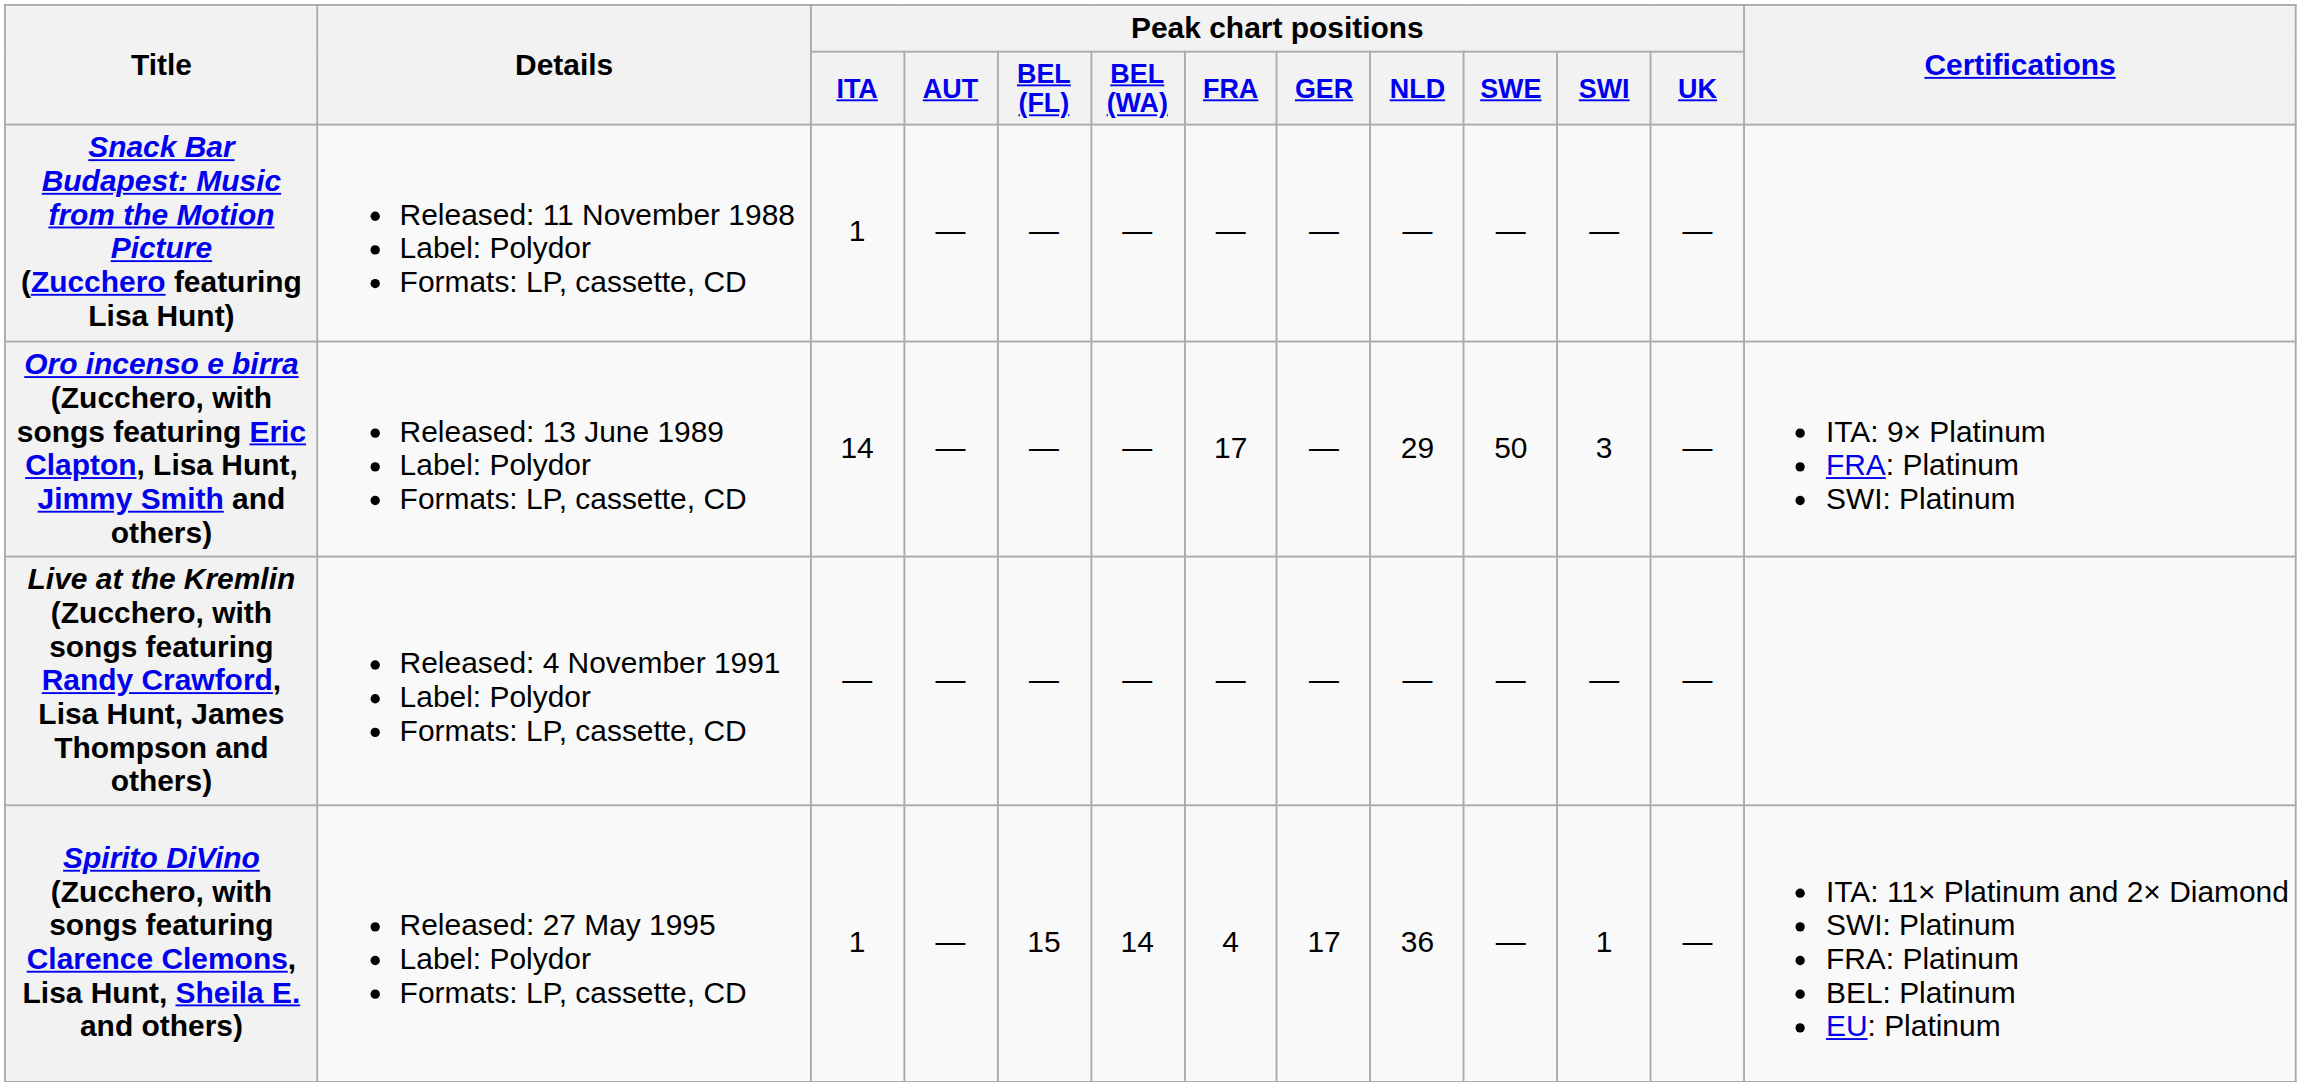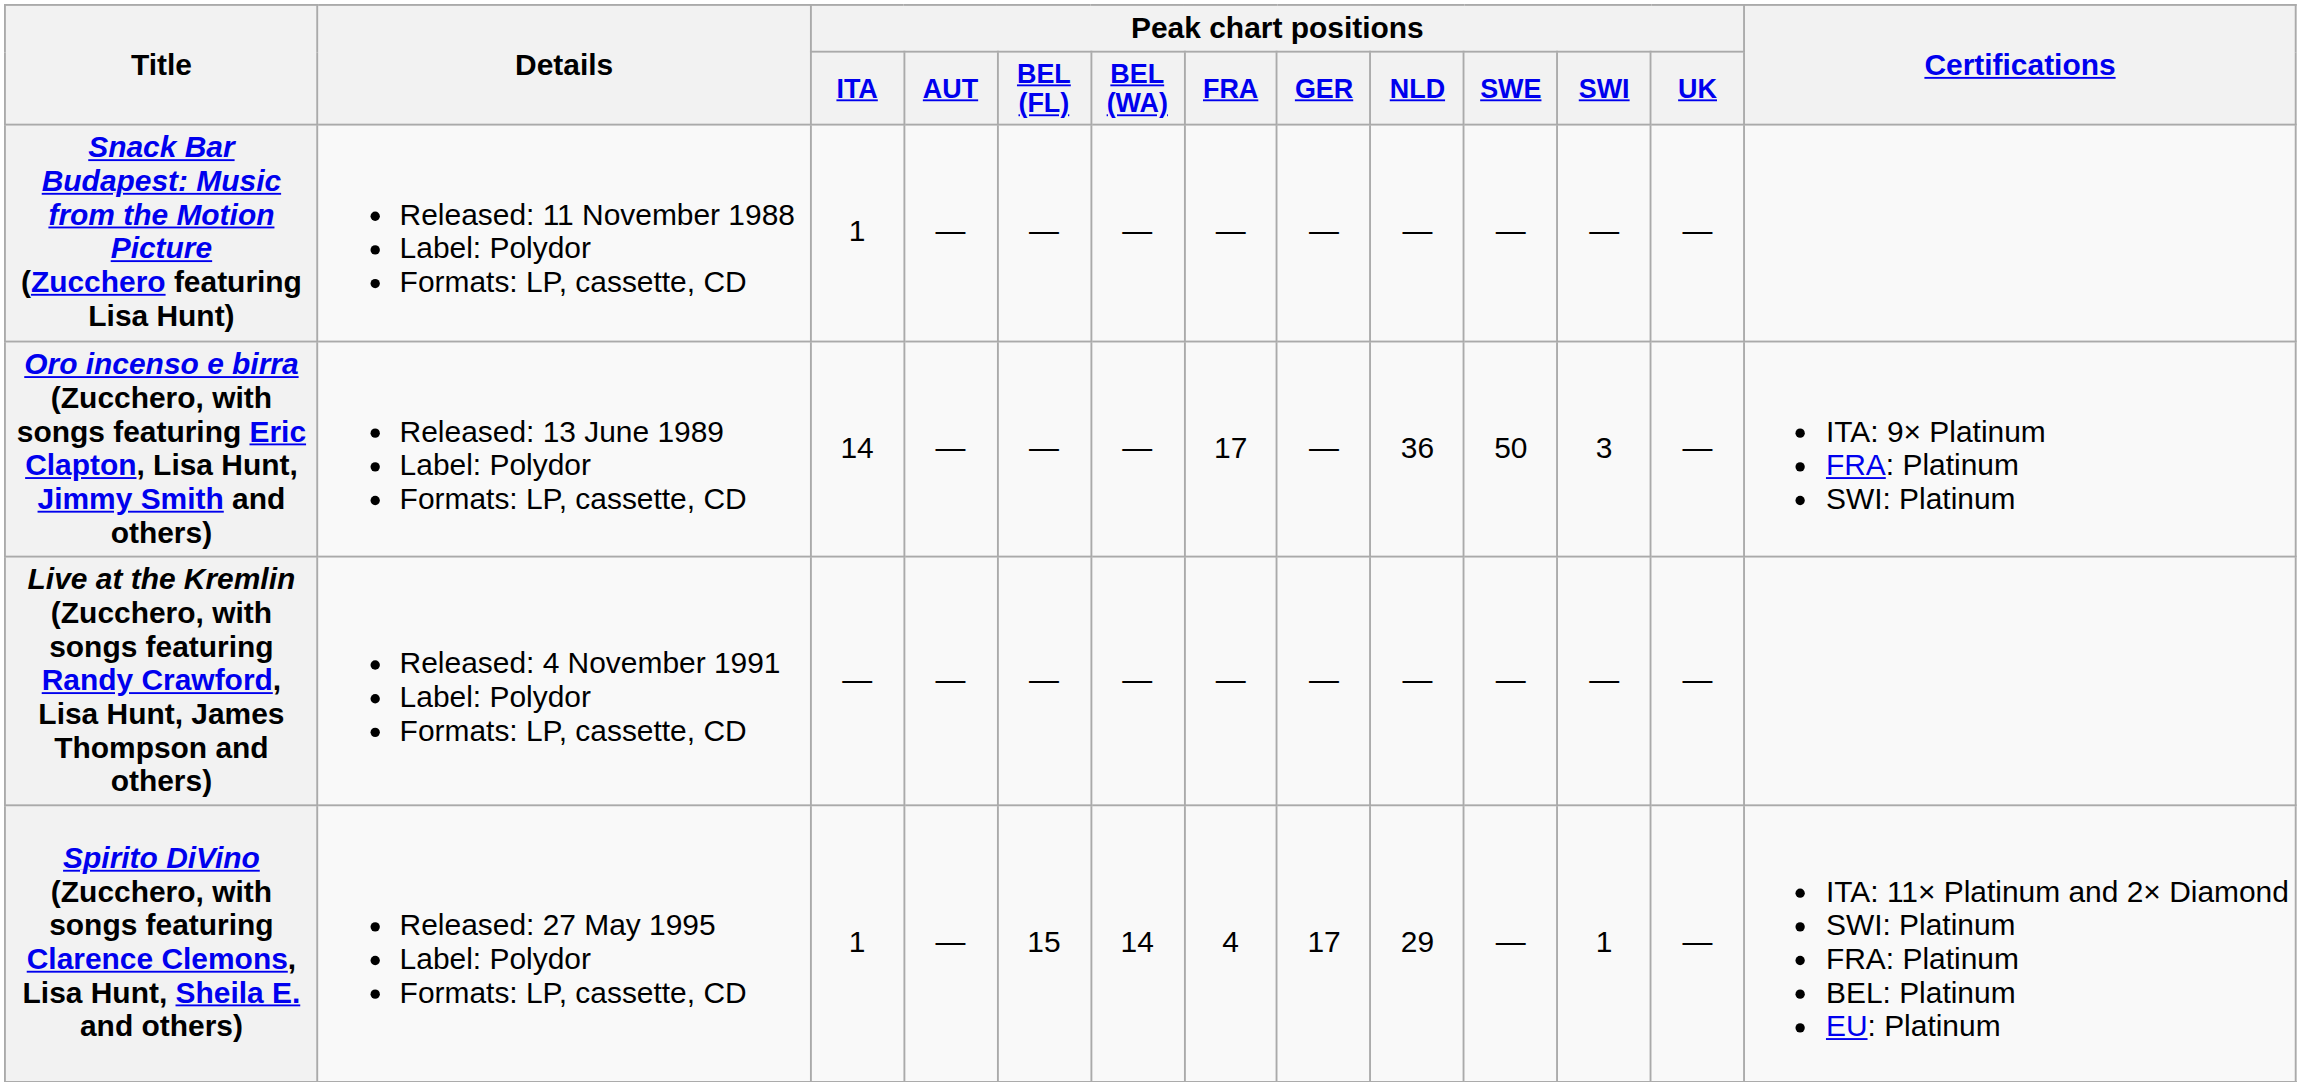 <table class="wikitable plainrowheaders" style="text-align:center;">
 <tr>
 <th scope="col" rowspan="2" style="width:10em;">Title</th>
 <th scope="col" rowspan="2" style="width:16em;">Details</th>
 <th scope="col" colspan="10">Peak chart positions</th>
 <th scope="col" rowspan="2"><a href='#'>Certifications</a></th>
 </tr>
 <tr>
 <th scope="col" style="width:3em;font-size:90%;"><a href='#'>ITA</a><br></th>
 <th scope="col" style="width:3em;font-size:90%;"><a href='#'>AUT</a><br></th>
 <th scope="col" style="width:3em;font-size:90%;"><a href='#'>BEL (FL)</a><br></th>
 <th scope="col" style="width:3em;font-size:90%;"><a href='#'>BEL (WA)</a><br></th>
 <th scope="col" style="width:3em;font-size:90%;"><a href='#'>FRA</a><br></th>
 <th scope="col" style="width:3em;font-size:90%;"><a href='#'>GER</a><br></th>
 <th scope="col" style="width:3em;font-size:90%;"><a href='#'>NLD</a><br></th>
 <th scope="col" style="width:3em;font-size:90%;"><a href='#'>SWE</a><br></th>
 <th scope="col" style="width:3em;font-size:90%;"><a href='#'>SWI</a><br></th>
 <th scope="col" style="width:3em;font-size:90%;"><a href='#'>UK</a><br></th>
 </tr>
 <tr>
 <th scope="row"><em><a href='#'>Snack Bar Budapest: Music from the Motion Picture</a></em><br><span>(<a href='#'>Zucchero</a> featuring Lisa Hunt)</span></th>
 <td style="text-align:left;"><br><ul><li>Released: 11 November 1988</li><li>Label: Polydor</li><li>Formats: LP, cassette, CD</li></ul></td>
 <td>1</td>
 <td>—</td>
 <td>—</td>
 <td>—</td>
 <td>—</td>
 <td>—</td>
 <td>—</td>
 <td>—</td>
 <td>—</td>
 <td>—</td>
 <td align="left"></td>
 </tr>
 <tr>
 <th scope="row"><em><a href='#'>Oro incenso e birra</a></em><br><span>(Zucchero, with songs featuring <a href='#'>Eric Clapton</a>, Lisa Hunt, <a href='#'>Jimmy Smith</a> and others)</span></th>
 <td style="text-align:left;"><br><ul><li>Released: 13 June 1989</li><li>Label: Polydor</li><li>Formats: LP, cassette, CD</li></ul></td>
 <td>14</td>
 <td>—</td>
 <td>—</td>
 <td>—</td>
 <td>17</td>
 <td>—</td>
-<td>29</td>
+<td>36</td>
 <td>50</td>
 <td>3</td>
 <td>—</td>
 <td align="left"><br><ul><li>ITA: 9× Platinum</li><li><a href='#'>FRA</a>: Platinum</li><li>SWI: Platinum</li></ul></td>
 </tr>
 <tr>
 <th scope="row"><em>Live at the Kremlin</em><br><span>(Zucchero, with songs featuring <a href='#'>Randy Crawford</a>, Lisa Hunt, James Thompson and others)</span></th>
 <td style="text-align:left;"><br><ul><li>Released: 4 November 1991</li><li>Label: Polydor</li><li>Formats: LP, cassette, CD</li></ul></td>
 <td>—</td>
 <td>—</td>
 <td>—</td>
 <td>—</td>
 <td>—</td>
 <td>—</td>
 <td>—</td>
 <td>—</td>
 <td>—</td>
 <td>—</td>
 <td align="left"></td>
 </tr>
 <tr>
 <th scope="row"><em><a href='#'>Spirito DiVino</a></em><br><span>(Zucchero, with songs featuring <a href='#'>Clarence Clemons</a>, Lisa Hunt, <a href='#'>Sheila E.</a> and others)</span></th>
 <td style="text-align:left;"><br><ul><li>Released: 27 May 1995</li><li>Label: Polydor</li><li>Formats: LP, cassette, CD</li></ul></td>
 <td>1</td>
 <td>—</td>
 <td>15</td>
 <td>14</td>
 <td>4</td>
 <td>17</td>
-<td>36</td>
+<td>29</td>
 <td>—</td>
 <td>1</td>
 <td>—</td>
 <td align="left"><br><ul><li>ITA: 11× Platinum and 2× Diamond</li><li>SWI: Platinum</li><li>FRA: Platinum</li><li>BEL: Platinum</li><li><a href='#'>EU</a>: Platinum</li></ul></td>
 </tr>
 <tr>
 </tr>
 </table>
